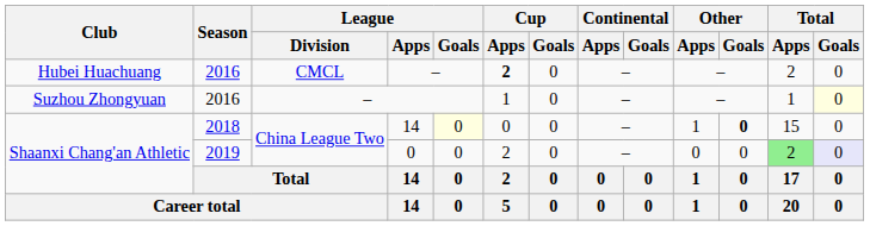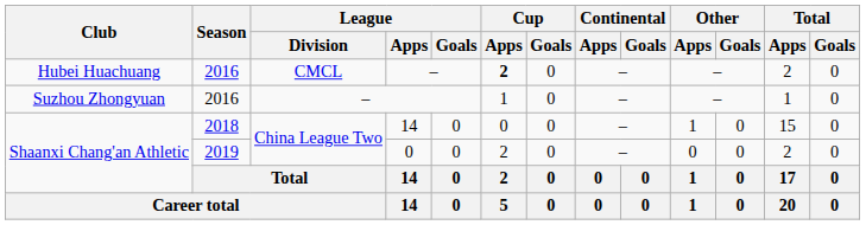 <table class="wikitable" style="text-align: center">
 <tr>
 <th rowspan="2">Club</th>
 <th rowspan="2">Season</th>
 <th colspan="3">League</th>
 <th colspan="2">Cup</th>
 <th colspan="2">Continental</th>
 <th colspan="2">Other</th>
 <th colspan="2">Total</th>
 </tr>
 <tr>
 <th>Division</th>
 <th>Apps</th>
 <th>Goals</th>
 <th>Apps</th>
 <th>Goals</th>
 <th>Apps</th>
 <th>Goals</th>
 <th>Apps</th>
 <th>Goals</th>
 <th>Apps</th>
 <th>Goals</th>
 </tr>
 <tr>
 <td><a href='#'>Hubei Huachuang</a></td>
 <td><a href='#'>2016</a></td>
 <td><a href='#'>CMCL</a></td>
 <td colspan="2">–</td>
 <td><strong>2</strong></td>
 <td>0</td>
 <td colspan="2">–</td>
 <td colspan="2">–</td>
 <td>2</td>
 <td>0</td>
 </tr>
 <tr>
 <td><a href='#'>Suzhou Zhongyuan</a></td>
 <td>2016</td>
 <td colspan="3">–</td>
 <td>1</td>
 <td>0</td>
 <td colspan="2">–</td>
 <td colspan="2">–</td>
 <td>1</td>
-<td style="background: lightyellow;">0</td>
+<td>0</td>
 </tr>
 <tr>
 <td rowspan="3"><a href='#'>Shaanxi Chang'an Athletic</a></td>
 <td><a href='#'>2018</a></td>
 <td rowspan="2"><a href='#'>China League Two</a></td>
 <td>14</td>
-<td style="background: lightyellow;">0</td>
+<td>0</td>
 <td>0</td>
 <td>0</td>
 <td colspan="2">–</td>
 <td>1</td>
-<td><strong>0</strong></td>
+<td>0</td>
 <td>15</td>
 <td>0</td>
 </tr>
 <tr>
 <td><a href='#'>2019</a></td>
 <td>0</td>
 <td>0</td>
 <td>2</td>
 <td>0</td>
 <td colspan="2">–</td>
 <td>0</td>
 <td>0</td>
-<td style="background: lightgreen;">2</td>
-<td style="background: lavender;">0</td>
+<td>2</td>
+<td>0</td>
 </tr>
 <tr>
 <th colspan=2>Total</th>
 <th>14</th>
 <th>0</th>
 <th>2</th>
 <th>0</th>
 <th>0</th>
 <th>0</th>
 <th>1</th>
 <th>0</th>
 <th>17</th>
 <th>0</th>
 </tr>
 <tr>
 <th colspan=3>Career total</th>
 <th>14</th>
 <th>0</th>
 <th>5</th>
 <th>0</th>
 <th>0</th>
 <th>0</th>
 <th>1</th>
 <th>0</th>
 <th>20</th>
 <th>0</th>
 </tr>
 </table>
